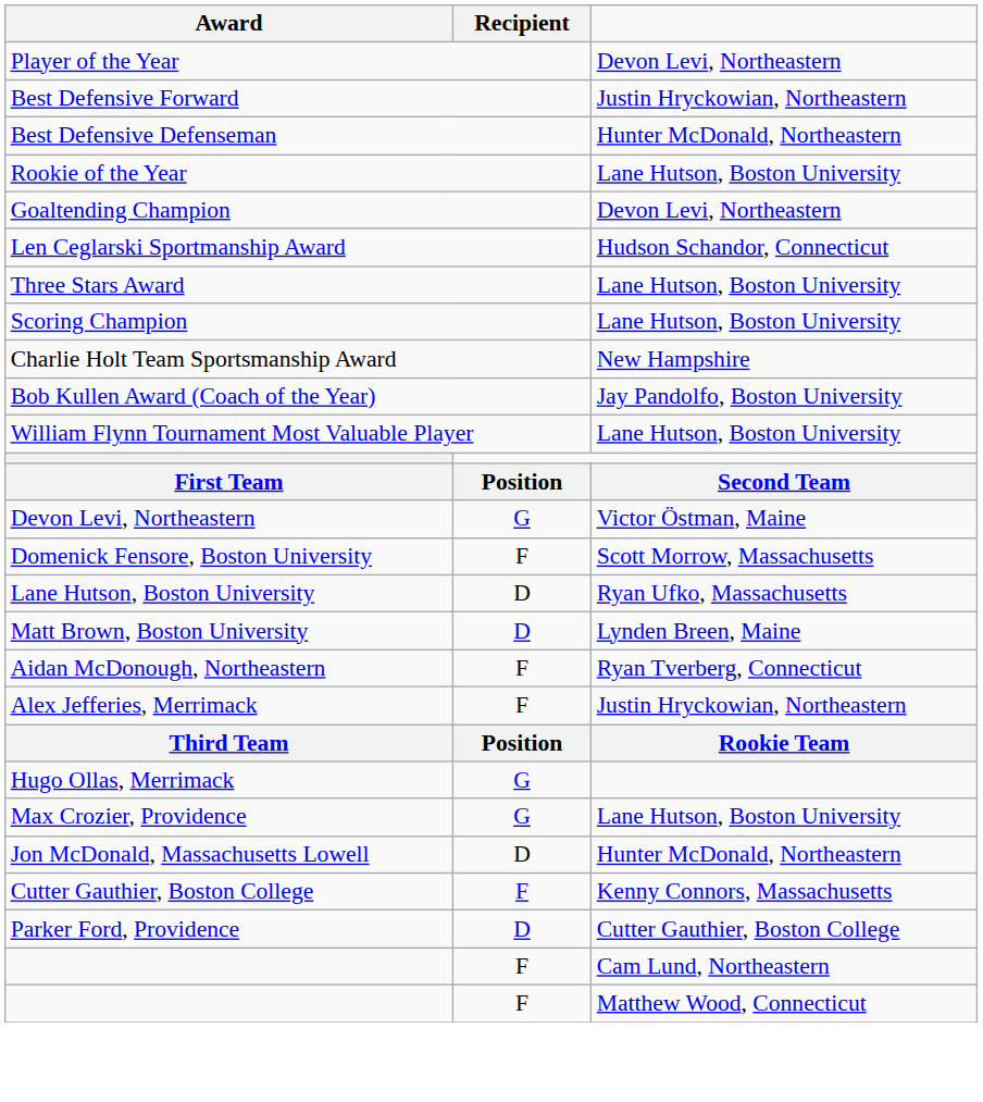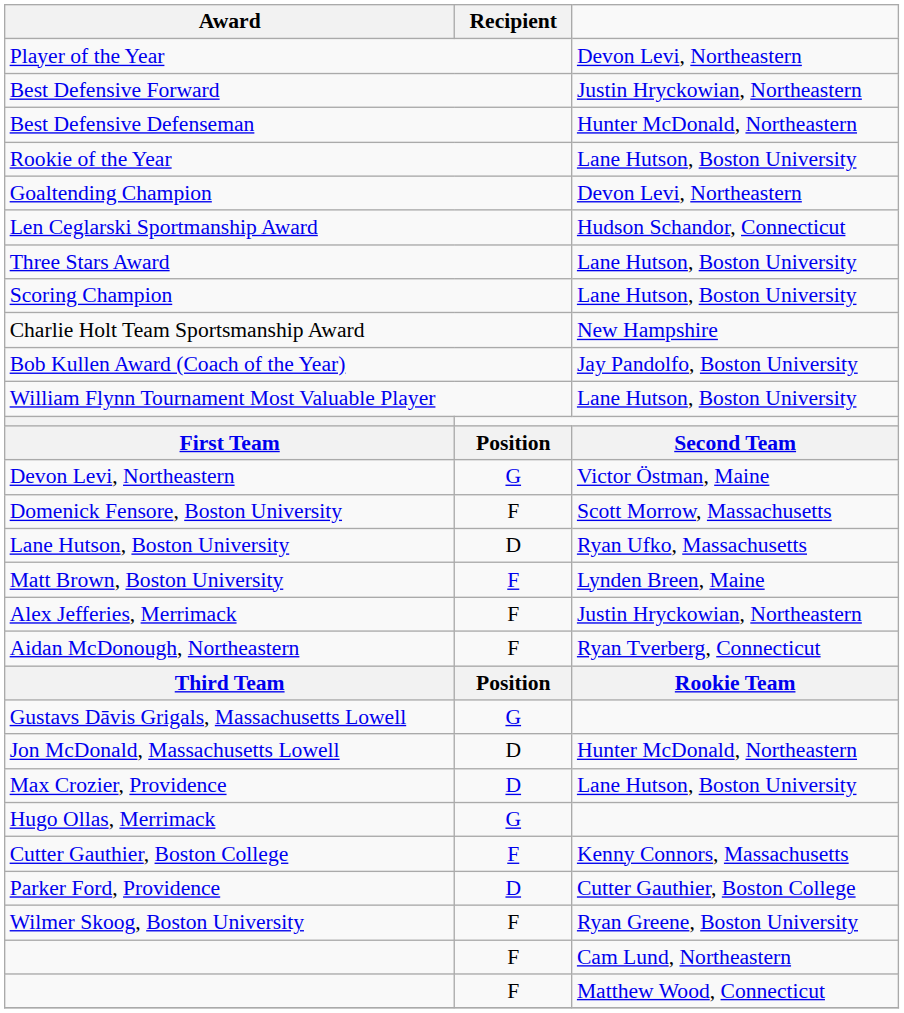 <table class="wikitable" width=75%>
 <tr>
 <th>Award</th>
 <th>Recipient</th>
 </tr>
 <tr>
 <td colspan=2><a href='#'>Player of the Year</a></td>
 <td><a href='#'>Devon Levi</a>, <a href='#'>Northeastern</a></td>
 </tr>
 <tr>
 <td colspan=2><a href='#'>Best Defensive Forward</a></td>
 <td><a href='#'>Justin Hryckowian</a>, <a href='#'>Northeastern</a></td>
 </tr>
 <tr>
 <td colspan=2><a href='#'>Best Defensive Defenseman</a></td>
 <td><a href='#'>Hunter McDonald</a>, <a href='#'>Northeastern</a></td>
 </tr>
 <tr>
 <td colspan=2><a href='#'>Rookie of the Year</a></td>
 <td><a href='#'>Lane Hutson</a>, <a href='#'>Boston University</a></td>
 </tr>
 <tr>
 <td colspan=2><a href='#'>Goaltending Champion</a></td>
 <td><a href='#'>Devon Levi</a>, <a href='#'>Northeastern</a></td>
 </tr>
 <tr>
 <td colspan=2><a href='#'>Len Ceglarski Sportmanship Award</a></td>
 <td><a href='#'>Hudson Schandor</a>, <a href='#'>Connecticut</a></td>
 </tr>
 <tr>
 <td colspan=2><a href='#'>Three Stars Award</a></td>
 <td><a href='#'>Lane Hutson</a>, <a href='#'>Boston University</a></td>
 </tr>
 <tr>
 <td colspan=2><a href='#'>Scoring Champion</a></td>
 <td><a href='#'>Lane Hutson</a>, <a href='#'>Boston University</a></td>
 </tr>
 <tr>
 <td colspan=2>Charlie Holt Team Sportsmanship Award</td>
 <td><a href='#'>New Hampshire</a></td>
 </tr>
 <tr>
 <td colspan=2><a href='#'>Bob Kullen Award (Coach of the Year)</a></td>
 <td><a href='#'>Jay Pandolfo</a>, <a href='#'>Boston University</a></td>
 </tr>
 <tr>
 <td colspan=2><a href='#'>William Flynn Tournament Most Valuable Player</a></td>
 <td><a href='#'>Lane Hutson</a>, <a href='#'>Boston University</a></td>
 </tr>
 <tr>
 <th><a href='#'></a></th>
 </tr>
 <tr>
 <th><a href='#'>First Team</a></th>
 <th>  Position  </th>
 <th><a href='#'>Second Team</a></th>
 </tr>
 <tr>
 <td><a href='#'>Devon Levi</a>, <a href='#'>Northeastern</a></td>
 <td align=center><a href='#'>G</a></td>
 <td><a href='#'>Victor Östman</a>, <a href='#'>Maine</a></td>
 </tr>
 <tr>
 <td><a href='#'>Domenick Fensore</a>, <a href='#'>Boston University</a></td>
 <td align=center>F</td>
 <td><a href='#'>Scott Morrow</a>, <a href='#'>Massachusetts</a></td>
 </tr>
 <tr>
 <td><a href='#'>Lane Hutson</a>, <a href='#'>Boston University</a></td>
 <td align=center>D</td>
 <td><a href='#'>Ryan Ufko</a>, <a href='#'>Massachusetts</a></td>
 </tr>
 <tr>
 <td><a href='#'>Matt Brown</a>, <a href='#'>Boston University</a></td>
-<td align=center><a href='#'>D</a></td>
+<td align=center><a href='#'>F</a></td>
 <td><a href='#'>Lynden Breen</a>, <a href='#'>Maine</a></td>
+</tr>
+<tr>
+<td><a href='#'>Alex Jefferies</a>, <a href='#'>Merrimack</a></td>
+<td align=center>F</td>
+<td><a href='#'>Justin Hryckowian</a>, <a href='#'>Northeastern</a></td>
 </tr>
 <tr>
 <td><a href='#'>Aidan McDonough</a>, <a href='#'>Northeastern</a></td>
 <td align=center>F</td>
 <td><a href='#'>Ryan Tverberg</a>, <a href='#'>Connecticut</a></td>
 </tr>
 <tr>
-<td><a href='#'>Alex Jefferies</a>, <a href='#'>Merrimack</a></td>
-<td align=center>F</td>
-<td><a href='#'>Justin Hryckowian</a>, <a href='#'>Northeastern</a></td>
-</tr>
-<tr>
 <th><a href='#'>Third Team</a></th>
 <th>  Position  </th>
 <th><a href='#'>Rookie Team</a></th>
 </tr>
 <tr>
-<td><a href='#'>Hugo Ollas</a>, <a href='#'>Merrimack</a></td>
+<td><a href='#'>Gustavs Dāvis Grigals</a>, <a href='#'>Massachusetts Lowell</a></td>
 <td align=center><a href='#'>G</a></td>
 <td></td>
-</tr>
-<tr>
-<td><a href='#'>Max Crozier</a>, <a href='#'>Providence</a></td>
-<td align=center><a href='#'>G</a></td>
-<td><a href='#'>Lane Hutson</a>, <a href='#'>Boston University</a></td>
 </tr>
 <tr>
 <td><a href='#'>Jon McDonald</a>, <a href='#'>Massachusetts Lowell</a></td>
 <td align=center>D</td>
 <td><a href='#'>Hunter McDonald</a>, <a href='#'>Northeastern</a></td>
+</tr>
+<tr>
+<td><a href='#'>Max Crozier</a>, <a href='#'>Providence</a></td>
+<td align=center><a href='#'>D</a></td>
+<td><a href='#'>Lane Hutson</a>, <a href='#'>Boston University</a></td>
+</tr>
+<tr>
+<td><a href='#'>Hugo Ollas</a>, <a href='#'>Merrimack</a></td>
+<td align=center><a href='#'>G</a></td>
+<td></td>
 </tr>
 <tr>
 <td><a href='#'>Cutter Gauthier</a>, <a href='#'>Boston College</a></td>
 <td align=center><a href='#'>F</a></td>
 <td><a href='#'>Kenny Connors</a>, <a href='#'>Massachusetts</a></td>
 </tr>
 <tr>
 <td><a href='#'>Parker Ford</a>, <a href='#'>Providence</a></td>
 <td align=center><a href='#'>D</a></td>
 <td><a href='#'>Cutter Gauthier</a>, <a href='#'>Boston College</a></td>
+</tr>
+<tr>
+<td><a href='#'>Wilmer Skoog</a>, <a href='#'>Boston University</a></td>
+<td align=center>F</td>
+<td><a href='#'>Ryan Greene</a>, <a href='#'>Boston University</a></td>
 </tr>
 <tr>
 <td></td>
 <td align=center>F</td>
 <td><a href='#'>Cam Lund</a>, <a href='#'>Northeastern</a></td>
 </tr>
 <tr>
 <td></td>
 <td align=center>F</td>
 <td><a href='#'>Matthew Wood</a>, <a href='#'>Connecticut</a></td>
 </tr>
 <tr>
 </tr>
 </table>
